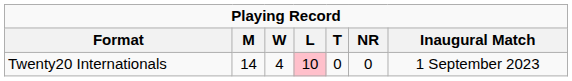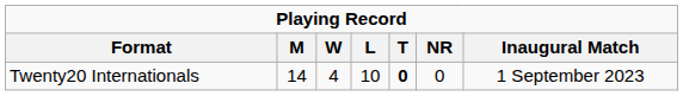 <table class="wikitable" style="text-align: center; width: 600px;">
 <tr>
 <td colspan=7 align="center"><strong>Playing Record</strong></td>
 </tr>
 <tr>
 <th>Format</th>
 <th>M</th>
 <th>W</th>
 <th>L</th>
 <th>T</th>
 <th>NR</th>
 <th>Inaugural Match</th>
 </tr>
 <tr>
 <td align="left">Twenty20 Internationals</td>
 <td>14</td>
 <td>4</td>
-<td style="background: pink;">10</td>
-<td>0</td>
+<td>10</td>
+<td><strong>0</strong></td>
 <td>0</td>
 <td>1 September 2023</td>
 </tr>
 </table>
